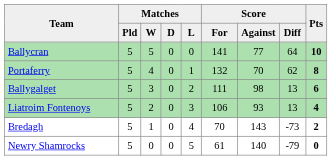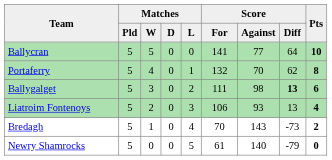 <table style=border-collapse:collapse border=1 cellspacing=0 cellpadding=5>
 <tr align=center bgcolor=#efefef>
 <th rowspan=2 width=165>Team</th>
 <th colspan=4>Matches</th>
 <th colspan=3>Score</th>
 <th rowspan=2width=20>Pts</th>
 </tr>
 <tr align=center bgcolor=#efefef>
 <th width=20>Pld</th>
 <th width=20>W</th>
 <th width=20>D</th>
 <th width=20>L</th>
 <th width=45>For</th>
 <th width=45>Against</th>
 <th width=30>Diff</th>
 </tr>
 <tr align=center style="background:#ACE1AF;">
 <td style="text-align:left;"><a href='#'>Ballycran</a></td>
 <td>5</td>
 <td>5</td>
 <td>0</td>
 <td>0</td>
 <td>141</td>
 <td>77</td>
 <td>64</td>
 <td><strong>10</strong></td>
 </tr>
 <tr align=center style="background:#ACE1AF;">
 <td style="text-align:left;"><a href='#'>Portaferry</a></td>
 <td>5</td>
 <td>4</td>
 <td>0</td>
 <td>1</td>
 <td>132</td>
 <td>70</td>
 <td>62</td>
 <td><strong>8</strong></td>
 </tr>
 <tr align=center style="background:#ACE1AF;">
 <td style="text-align:left;"><a href='#'>Ballygalget</a></td>
 <td>5</td>
 <td>3</td>
 <td>0</td>
 <td>2</td>
 <td>111</td>
 <td>98</td>
-<td>13</td>
+<td><strong>13</strong></td>
 <td><strong>6</strong></td>
 </tr>
 <tr align=center style="background:#ACE1AF;">
 <td style="text-align:left;"><a href='#'>Liatroim Fontenoys</a></td>
 <td>5</td>
 <td>2</td>
 <td>0</td>
 <td>3</td>
 <td>106</td>
 <td>93</td>
 <td>13</td>
 <td><strong>4</strong></td>
 </tr>
 <tr align=center>
 <td style="text-align:left;"><a href='#'>Bredagh</a></td>
 <td>5</td>
 <td>1</td>
 <td>0</td>
 <td>4</td>
 <td>70</td>
 <td>143</td>
 <td>-73</td>
 <td><strong>2</strong></td>
 </tr>
 <tr align=center>
 <td style="text-align:left;"><a href='#'>Newry Shamrocks</a></td>
 <td>5</td>
 <td>0</td>
 <td>0</td>
 <td>5</td>
 <td>61</td>
 <td>140</td>
 <td>-79</td>
 <td><strong>0</strong></td>
 </tr>
 </table>
